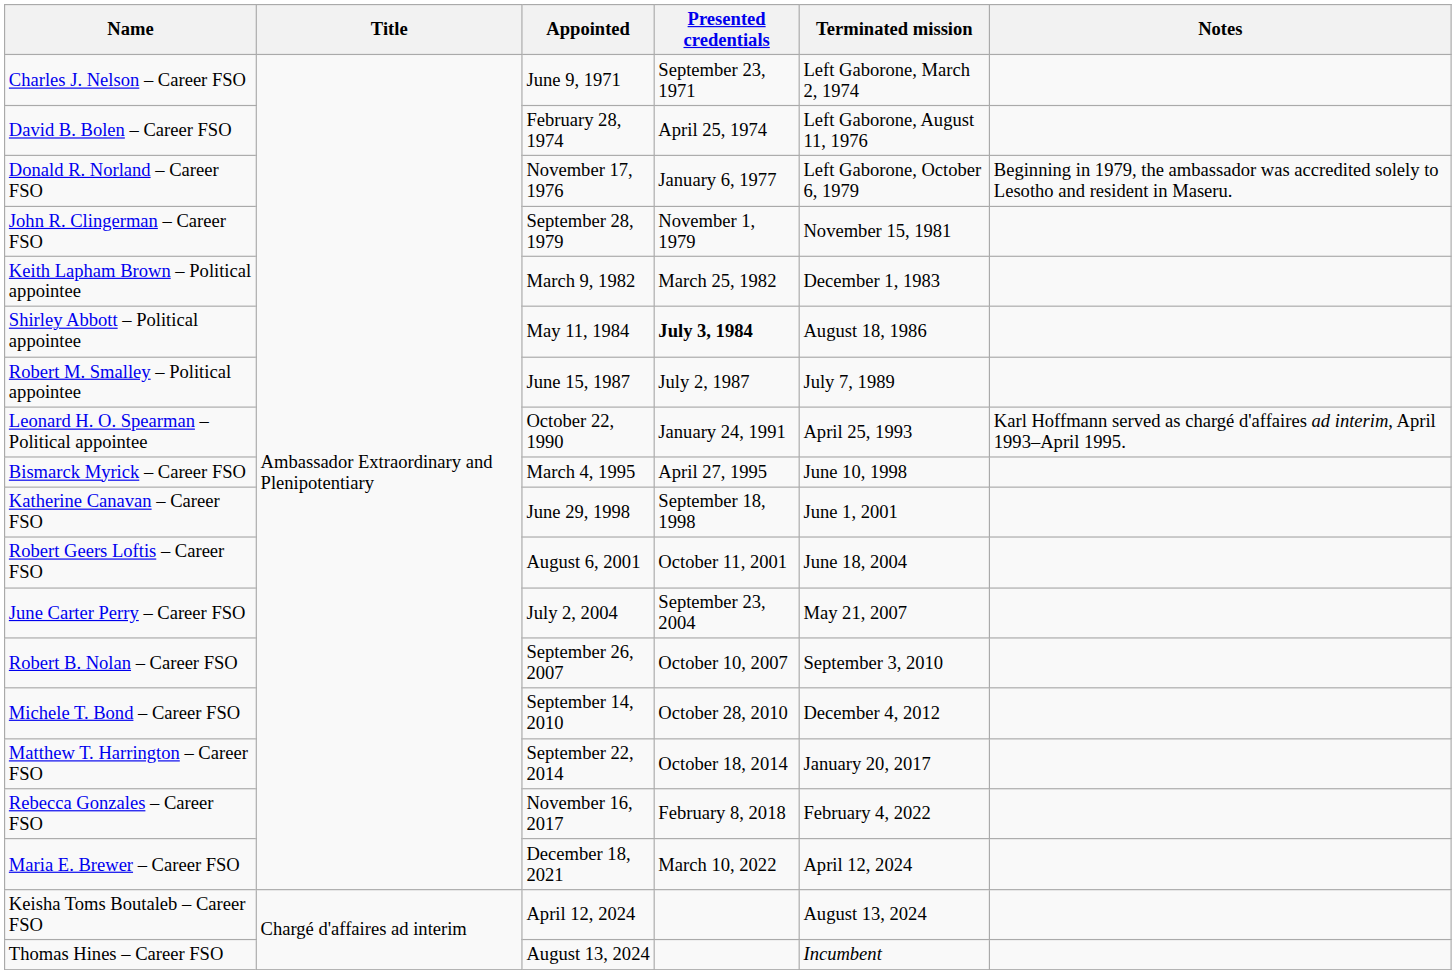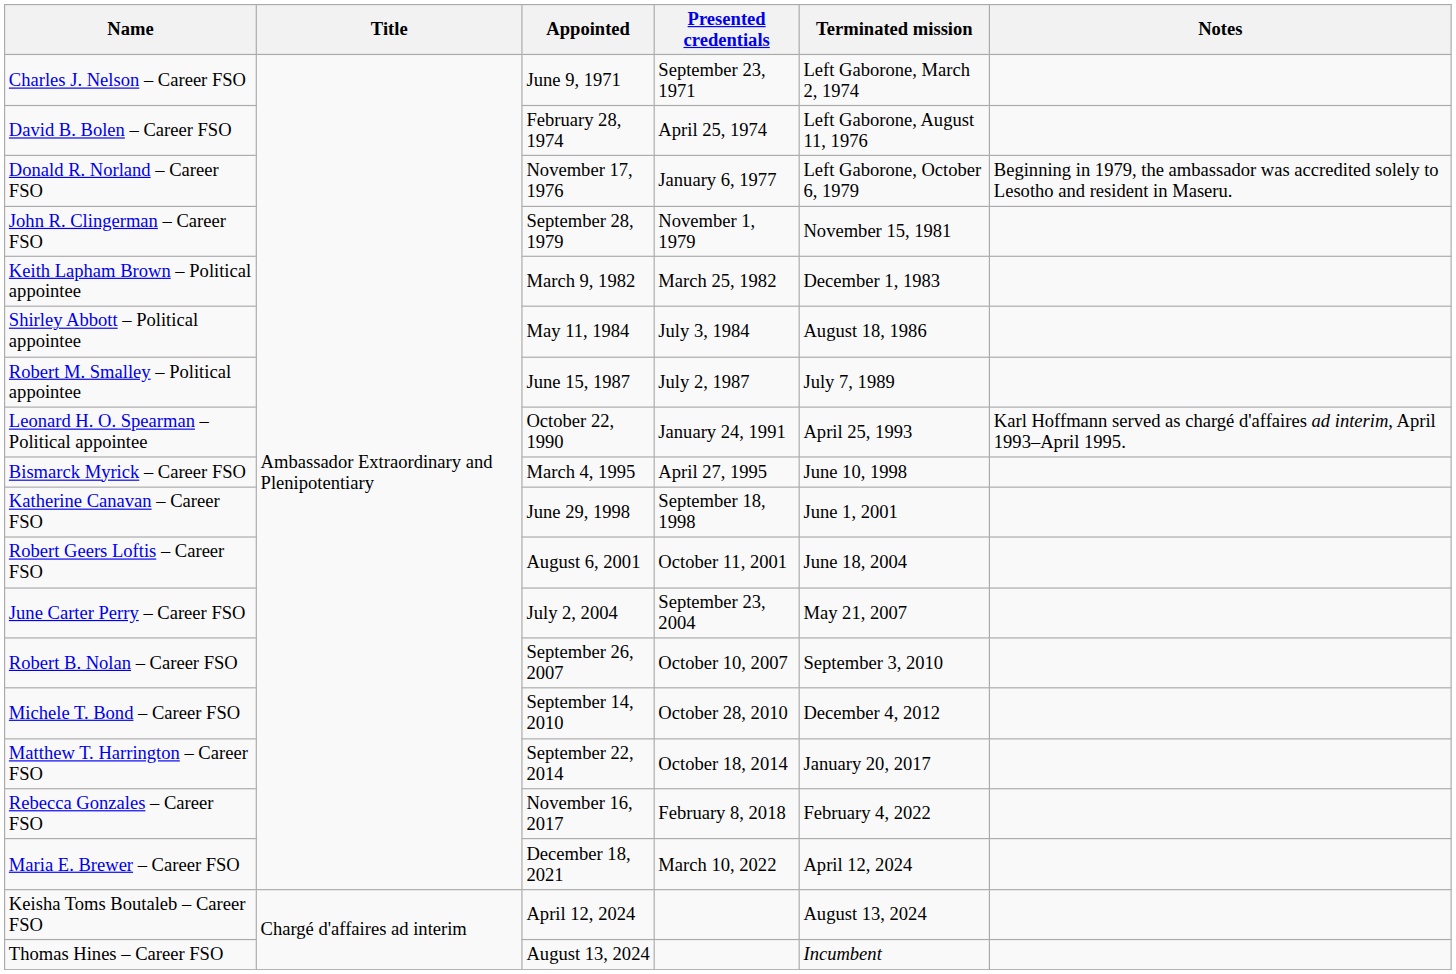 <table class="wikitable">
 <tr>
 <th>Name</th>
 <th>Title</th>
 <th>Appointed</th>
 <th><a href='#'>Presented credentials</a></th>
 <th>Terminated mission</th>
 <th>Notes</th>
 </tr>
 <tr>
 <td><a href='#'>Charles J. Nelson</a> – Career FSO</td>
 <td rowspan="17">Ambassador Extraordinary and Plenipotentiary</td>
 <td>June 9, 1971</td>
 <td>September 23, 1971</td>
 <td>Left Gaborone, March 2, 1974</td>
 <td></td>
 </tr>
 <tr>
 <td><a href='#'>David B. Bolen</a> – Career FSO</td>
 <td>February 28, 1974</td>
 <td>April 25, 1974</td>
 <td>Left Gaborone, August 11, 1976</td>
 <td></td>
 </tr>
 <tr>
 <td><a href='#'>Donald R. Norland</a> – Career FSO</td>
 <td>November 17, 1976</td>
 <td>January 6, 1977</td>
 <td>Left Gaborone, October 6, 1979</td>
 <td>Beginning in 1979, the ambassador was accredited solely to Lesotho and resident in Maseru.</td>
 </tr>
 <tr>
 <td><a href='#'>John R. Clingerman</a> – Career FSO</td>
 <td>September 28, 1979</td>
 <td>November 1, 1979</td>
 <td>November 15, 1981</td>
 <td></td>
 </tr>
 <tr>
 <td><a href='#'>Keith Lapham Brown</a> – Political appointee</td>
 <td>March 9, 1982</td>
 <td>March 25, 1982</td>
 <td>December 1, 1983</td>
 <td></td>
 </tr>
 <tr>
 <td><a href='#'>Shirley Abbott</a> – Political appointee</td>
 <td>May 11, 1984</td>
-<td><strong>July 3, 1984</strong></td>
+<td>July 3, 1984</td>
 <td>August 18, 1986</td>
 <td></td>
 </tr>
 <tr>
 <td><a href='#'>Robert M. Smalley</a> – Political appointee</td>
 <td>June 15, 1987</td>
 <td>July 2, 1987</td>
 <td>July 7, 1989</td>
 <td></td>
 </tr>
 <tr>
 <td><a href='#'>Leonard H. O. Spearman</a> – Political appointee</td>
 <td>October 22, 1990</td>
 <td>January 24, 1991</td>
 <td>April 25, 1993</td>
 <td>Karl Hoffmann served as chargé d'affaires <em>ad interim</em>, April 1993–April 1995.</td>
 </tr>
 <tr>
 <td><a href='#'>Bismarck Myrick</a> – Career FSO</td>
 <td>March 4, 1995</td>
 <td>April 27, 1995</td>
 <td>June 10, 1998</td>
 <td></td>
 </tr>
 <tr>
 <td><a href='#'>Katherine Canavan</a> – Career FSO</td>
 <td>June 29, 1998</td>
 <td>September 18, 1998</td>
 <td>June 1, 2001</td>
 <td></td>
 </tr>
 <tr>
 <td><a href='#'>Robert Geers Loftis</a> – Career FSO</td>
 <td>August 6, 2001</td>
 <td>October 11, 2001</td>
 <td>June 18, 2004</td>
 <td></td>
 </tr>
 <tr>
 <td><a href='#'>June Carter Perry</a> – Career FSO</td>
 <td>July 2, 2004</td>
 <td>September 23, 2004</td>
 <td>May 21, 2007</td>
 <td></td>
 </tr>
 <tr>
 <td><a href='#'>Robert B. Nolan</a> – Career FSO</td>
 <td>September 26, 2007</td>
 <td>October 10, 2007</td>
 <td>September 3, 2010</td>
 <td></td>
 </tr>
 <tr>
 <td><a href='#'>Michele T. Bond</a> – Career FSO</td>
 <td>September 14, 2010</td>
 <td>October 28, 2010</td>
 <td>December 4, 2012</td>
 <td></td>
 </tr>
 <tr>
 <td><a href='#'>Matthew T. Harrington</a> – Career FSO</td>
 <td>September 22, 2014</td>
 <td>October 18, 2014</td>
 <td>January 20, 2017</td>
 <td></td>
 </tr>
 <tr>
 <td><a href='#'>Rebecca Gonzales</a> – Career FSO</td>
 <td>November 16, 2017</td>
 <td>February 8, 2018</td>
 <td>February 4, 2022</td>
 <td></td>
 </tr>
 <tr>
 <td><a href='#'>Maria E. Brewer</a> – Career FSO</td>
 <td>December 18, 2021</td>
 <td>March 10, 2022</td>
 <td>April 12, 2024</td>
 <td></td>
 </tr>
 <tr>
 <td>Keisha Toms Boutaleb – Career FSO</td>
 <td rowspan="2">Chargé d'affaires ad interim</td>
 <td>April 12, 2024</td>
 <td></td>
 <td>August 13, 2024</td>
 <td></td>
 </tr>
 <tr>
 <td>Thomas Hines – Career FSO</td>
 <td>August 13, 2024</td>
 <td></td>
 <td><em>Incumbent</em></td>
 <td></td>
 </tr>
 </table>
